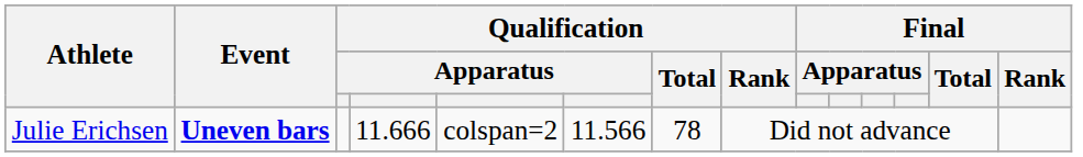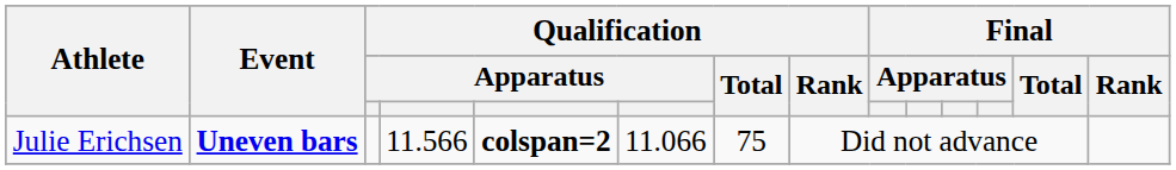 <table class="wikitable" style="font-size:90%">
 <tr>
 <th rowspan=3>Athlete</th>
 <th rowspan=3>Event</th>
 <th colspan=6>Qualification</th>
 <th colspan=6>Final</th>
 </tr>
 <tr style="font-size:95%">
 <th colspan=4>Apparatus</th>
 <th rowspan=2>Total</th>
 <th rowspan=2>Rank</th>
 <th colspan=4>Apparatus</th>
 <th rowspan=2>Total</th>
 <th rowspan=2>Rank</th>
 </tr>
 <tr style="font-size:95%">
 <th></th>
 <th></th>
 <th></th>
 <th></th>
 <th></th>
 <th></th>
 <th></th>
 <th></th>
 </tr>
 <tr align=center>
 <td align=left><a href='#'>Julie Erichsen</a></td>
 <td align=left><strong><a href='#'>Uneven bars</a></strong></td>
 <td></td>
-<td>11.666</td>
-<td>colspan=2 </td>
 <td>11.566</td>
-<td>78</td>
+<td><strong>colspan=2 </strong></td>
+<td>11.066</td>
+<td>75</td>
 <td colspan=6>Did not advance</td>
 </tr>
 </table>
